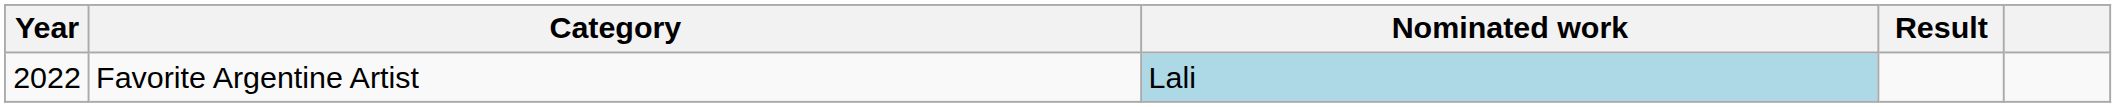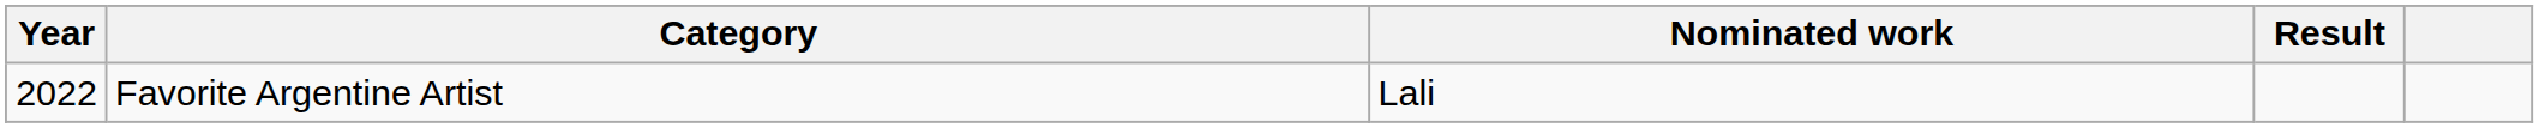 <table class="wikitable plainrowheaders" style="width:70%;">
 <tr>
 <th scope="col" style="width:4%;">Year</th>
 <th scope="col" style="width:50%;">Category</th>
 <th scope="col" style="width:35%;">Nominated work</th>
 <th scope="col" style="width:6%;">Result</th>
 <th scope="col" style="width:6%;"></th>
 </tr>
 <tr>
 <td rowspan=2 align=center>2022</td>
 <td>Favorite Argentine Artist</td>
-<td style="background: lightblue;">Lali</td>
+<td>Lali</td>
 <td></td>
 <td align=center></td>
 </tr>
 </table>
